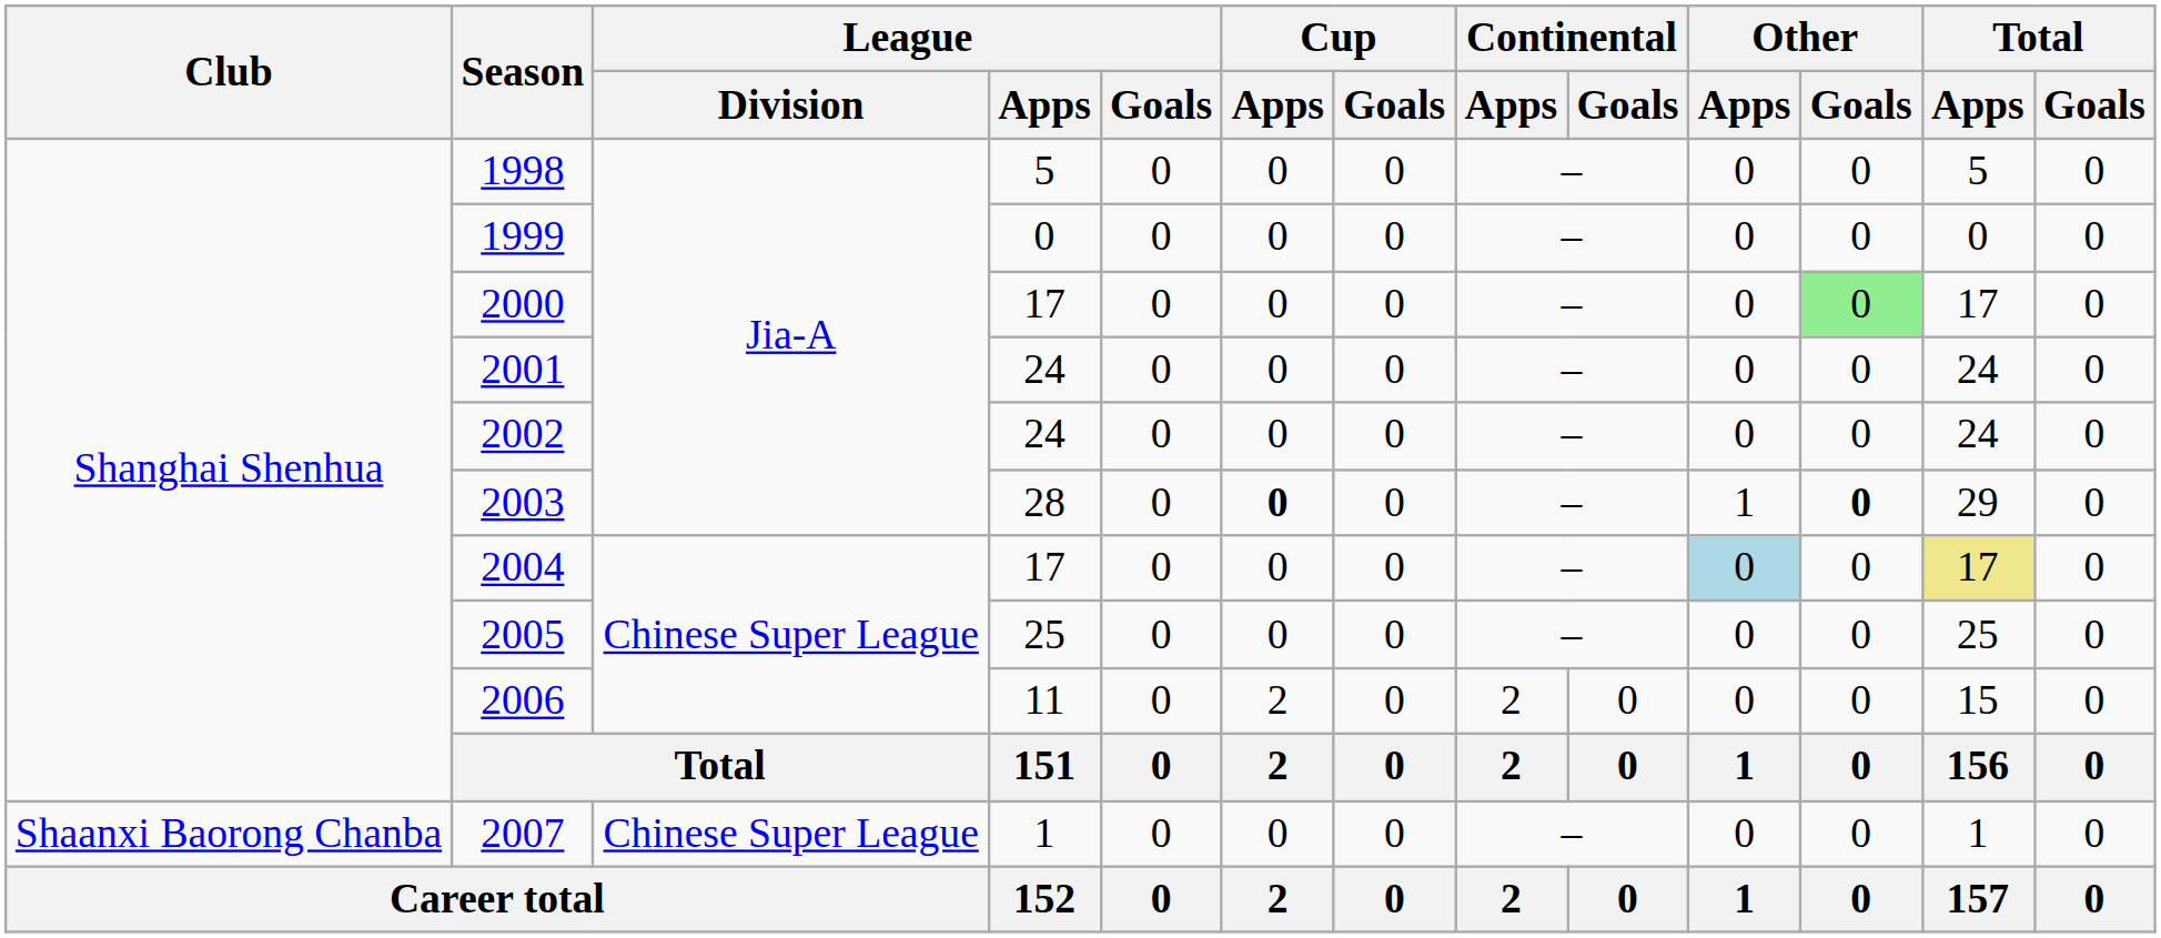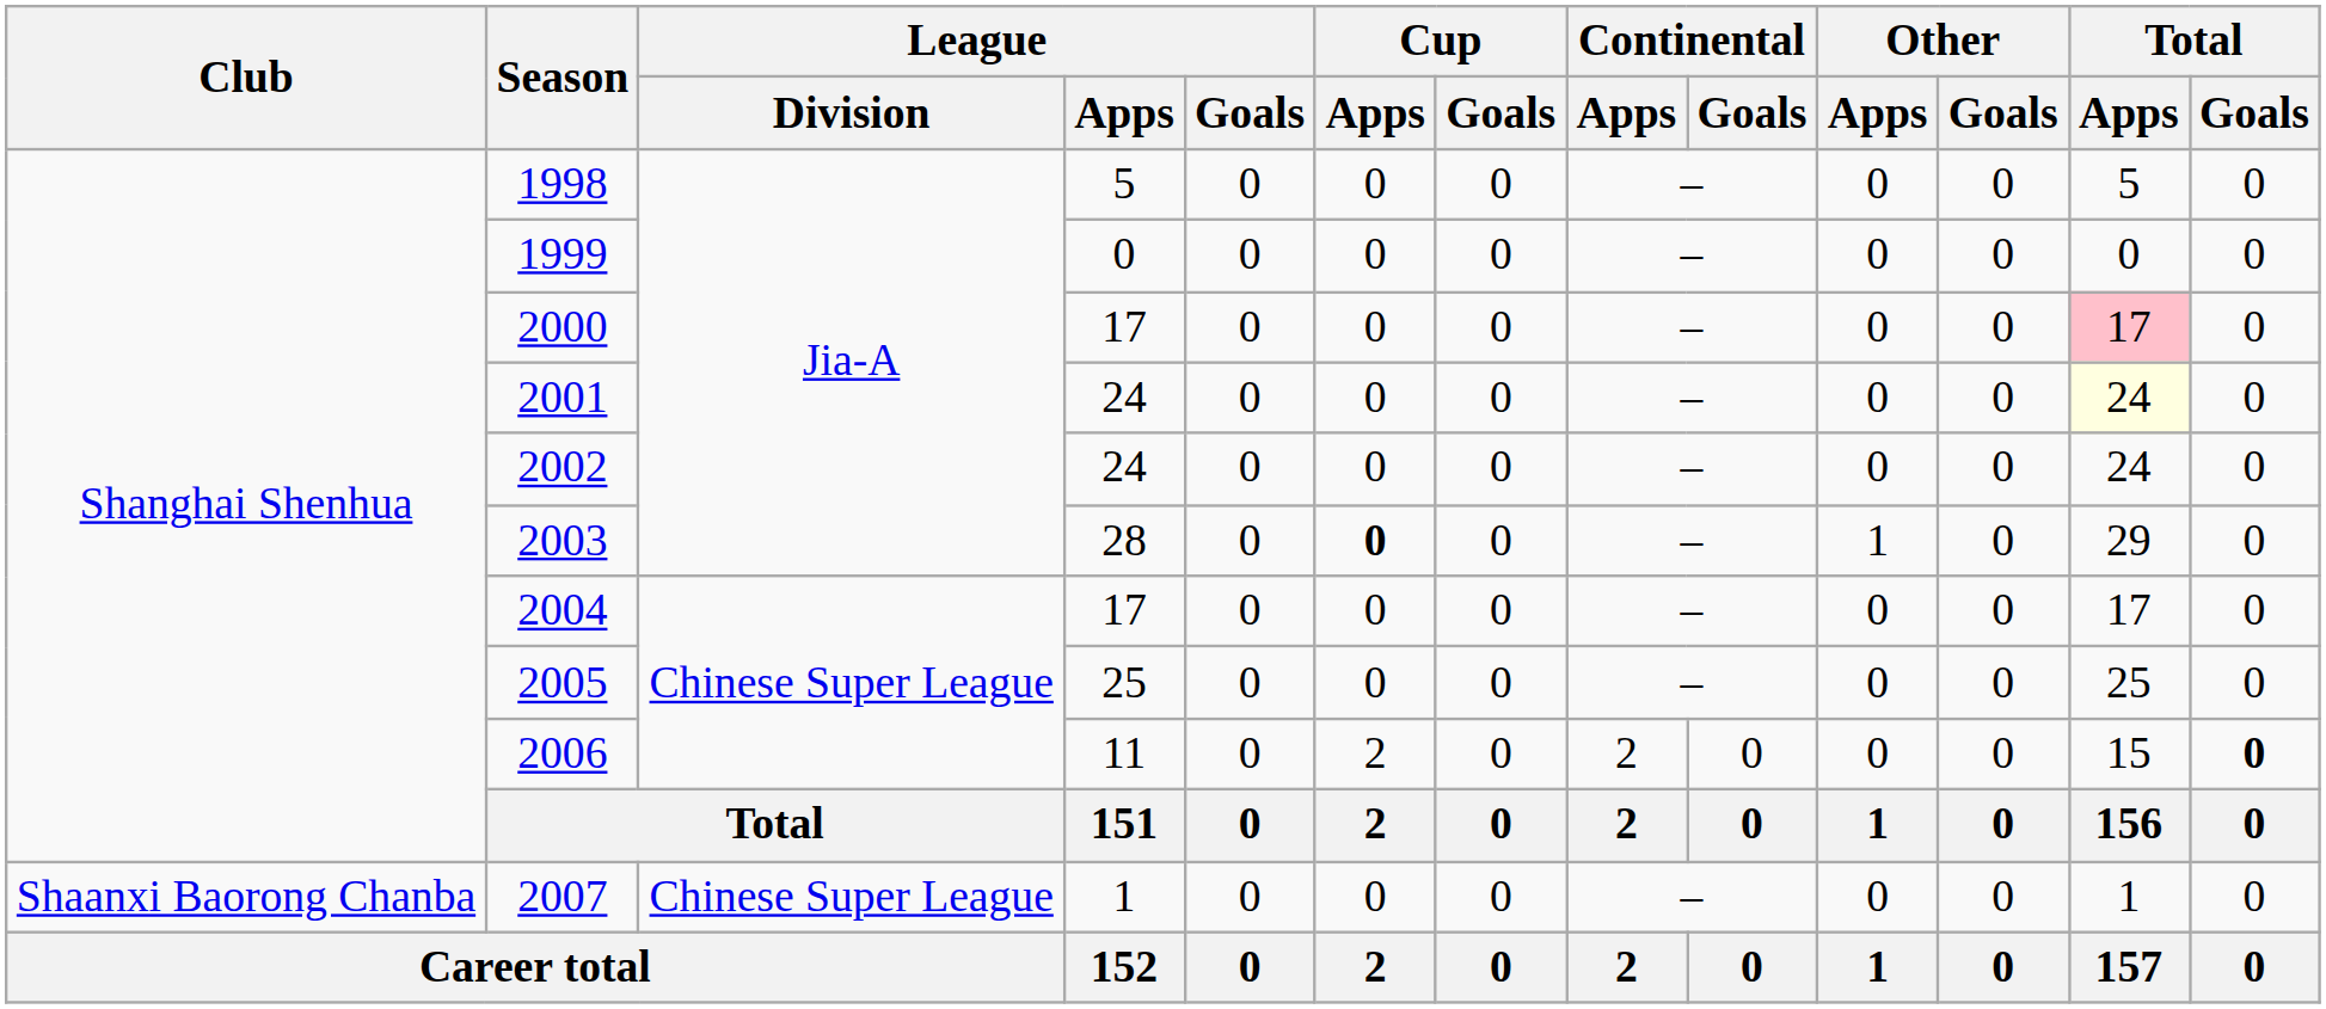 <table class="wikitable" style="text-align: center">
 <tr>
 <th rowspan="2">Club</th>
 <th rowspan="2">Season</th>
 <th colspan="3">League</th>
 <th colspan="2">Cup</th>
 <th colspan="2">Continental</th>
 <th colspan="2">Other</th>
 <th colspan="2">Total</th>
 </tr>
 <tr>
 <th>Division</th>
 <th>Apps</th>
 <th>Goals</th>
 <th>Apps</th>
 <th>Goals</th>
 <th>Apps</th>
 <th>Goals</th>
 <th>Apps</th>
 <th>Goals</th>
 <th>Apps</th>
 <th>Goals</th>
 </tr>
 <tr>
 <td rowspan="10"><a href='#'>Shanghai Shenhua</a></td>
 <td><a href='#'>1998</a></td>
 <td rowspan="6"><a href='#'>Jia-A</a></td>
 <td>5</td>
 <td>0</td>
 <td>0</td>
 <td>0</td>
 <td colspan="2">–</td>
 <td>0</td>
 <td>0</td>
 <td>5</td>
 <td>0</td>
 </tr>
 <tr>
 <td><a href='#'>1999</a></td>
 <td>0</td>
 <td>0</td>
 <td>0</td>
 <td>0</td>
 <td colspan="2">–</td>
 <td>0</td>
 <td>0</td>
 <td>0</td>
 <td>0</td>
 </tr>
 <tr>
 <td><a href='#'>2000</a></td>
 <td>17</td>
 <td>0</td>
 <td>0</td>
 <td>0</td>
 <td colspan="2">–</td>
 <td>0</td>
-<td style="background: lightgreen;">0</td>
-<td>17</td>
+<td>0</td>
+<td style="background: pink;">17</td>
 <td>0</td>
 </tr>
 <tr>
 <td><a href='#'>2001</a></td>
 <td>24</td>
 <td>0</td>
 <td>0</td>
 <td>0</td>
 <td colspan="2">–</td>
 <td>0</td>
 <td>0</td>
-<td>24</td>
+<td style="background: lightyellow;">24</td>
 <td>0</td>
 </tr>
 <tr>
 <td><a href='#'>2002</a></td>
 <td>24</td>
 <td>0</td>
 <td>0</td>
 <td>0</td>
 <td colspan="2">–</td>
 <td>0</td>
 <td>0</td>
 <td>24</td>
 <td>0</td>
 </tr>
 <tr>
 <td><a href='#'>2003</a></td>
 <td>28</td>
 <td>0</td>
 <td><strong>0</strong></td>
 <td>0</td>
 <td colspan="2">–</td>
 <td>1</td>
-<td><strong>0</strong></td>
+<td>0</td>
 <td>29</td>
 <td>0</td>
 </tr>
 <tr>
 <td><a href='#'>2004</a></td>
 <td rowspan="3"><a href='#'>Chinese Super League</a></td>
 <td>17</td>
 <td>0</td>
 <td>0</td>
 <td>0</td>
 <td colspan="2">–</td>
-<td style="background: lightblue;">0</td>
 <td>0</td>
-<td style="background: khaki;">17</td>
+<td>0</td>
+<td>17</td>
 <td>0</td>
 </tr>
 <tr>
 <td><a href='#'>2005</a></td>
 <td>25</td>
 <td>0</td>
 <td>0</td>
 <td>0</td>
 <td colspan="2">–</td>
 <td>0</td>
 <td>0</td>
 <td>25</td>
 <td>0</td>
 </tr>
 <tr>
 <td><a href='#'>2006</a></td>
 <td>11</td>
 <td>0</td>
 <td>2</td>
 <td>0</td>
 <td>2</td>
 <td>0</td>
 <td>0</td>
 <td>0</td>
 <td>15</td>
-<td>0</td>
+<td><strong>0</strong></td>
 </tr>
 <tr>
 <th colspan=2>Total</th>
 <th>151</th>
 <th>0</th>
 <th>2</th>
 <th>0</th>
 <th>2</th>
 <th>0</th>
 <th>1</th>
 <th>0</th>
 <th>156</th>
 <th>0</th>
 </tr>
 <tr>
 <td><a href='#'>Shaanxi Baorong Chanba</a></td>
 <td><a href='#'>2007</a></td>
 <td><a href='#'>Chinese Super League</a></td>
 <td>1</td>
 <td>0</td>
 <td>0</td>
 <td>0</td>
 <td colspan="2">–</td>
 <td>0</td>
 <td>0</td>
 <td>1</td>
 <td>0</td>
 </tr>
 <tr>
 <th colspan=3>Career total</th>
 <th>152</th>
 <th>0</th>
 <th>2</th>
 <th>0</th>
 <th>2</th>
 <th>0</th>
 <th>1</th>
 <th>0</th>
 <th>157</th>
 <th>0</th>
 </tr>
 </table>
